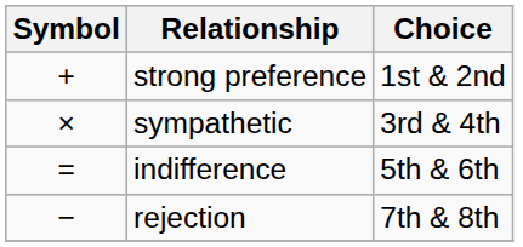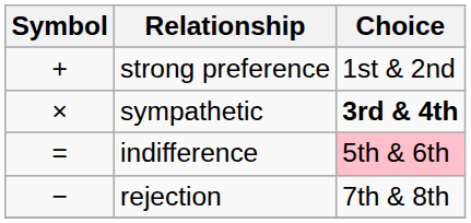 <table class="wikitable">
 <tr>
 <th>Symbol</th>
 <th>Relationship</th>
 <th>Choice</th>
 </tr>
 <tr>
 <td align=center>+</td>
 <td>strong preference</td>
 <td>1st & 2nd</td>
 </tr>
 <tr>
 <td align=center>×</td>
 <td>sympathetic</td>
-<td>3rd & 4th</td>
+<td><strong>3rd & 4th</strong></td>
 </tr>
 <tr>
 <td align=center>=</td>
 <td>indifference</td>
-<td>5th & 6th</td>
+<td style="background: pink;">5th & 6th</td>
 </tr>
 <tr>
 <td align=center>−</td>
 <td>rejection</td>
 <td>7th & 8th</td>
 </tr>
 <tr>
 </tr>
 </table>
